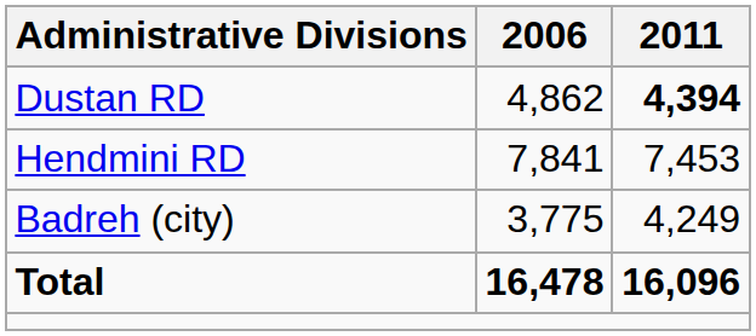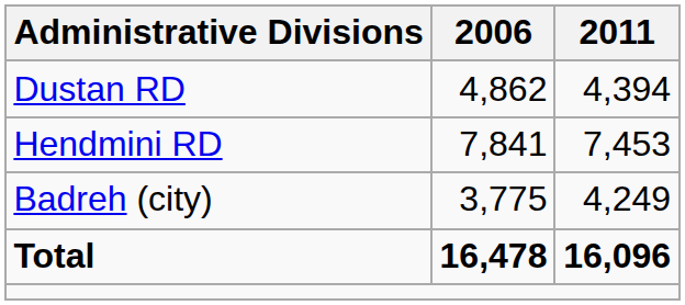 <table class="wikitable">
 <tr>
 <th>Administrative Divisions</th>
 <th>2006</th>
 <th>2011</th>
 </tr>
 <tr>
 <td><a href='#'>Dustan RD</a></td>
 <td style="text-align: right;">4,862</td>
-<td style="text-align: right;"><strong>4,394</strong></td>
+<td style="text-align: right;">4,394</td>
 </tr>
 <tr>
 <td><a href='#'>Hendmini RD</a></td>
 <td style="text-align: right;">7,841</td>
 <td style="text-align: right;">7,453</td>
 </tr>
 <tr>
 <td><a href='#'>Badreh</a> (city)</td>
 <td style="text-align: right;">3,775</td>
 <td style="text-align: right;">4,249</td>
 </tr>
 <tr>
 <td><strong>Total</strong></td>
 <td style="text-align: right;"><strong>16,478</strong></td>
 <td style="text-align: right;"><strong>16,096</strong></td>
 </tr>
 <tr>
 <td colspan=4></td>
 </tr>
 </table>
